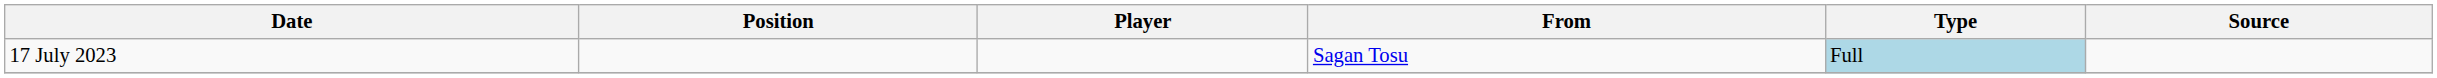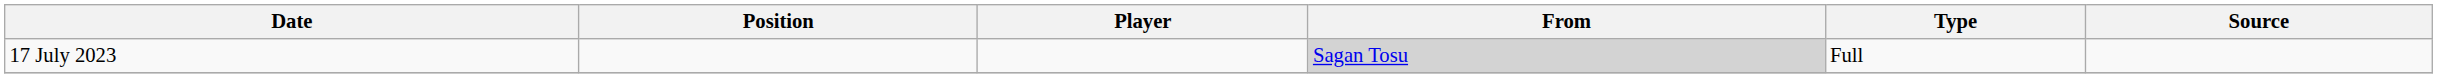 <table class="wikitable sortable" style="width:90%; text-align:center; font-size:95%; text-align:left;">
 <tr>
 <th>Date</th>
 <th>Position</th>
 <th>Player</th>
 <th>From</th>
 <th>Type</th>
 <th>Source</th>
 </tr>
 <tr>
 <td>17 July 2023</td>
 <td></td>
 <td></td>
-<td> <a href='#'>Sagan Tosu</a></td>
-<td style="background: lightblue;">Full</td>
+<td style="background: lightgrey;"> <a href='#'>Sagan Tosu</a></td>
+<td>Full</td>
 <td></td>
 </tr>
 <tr>
 </tr>
 </table>
